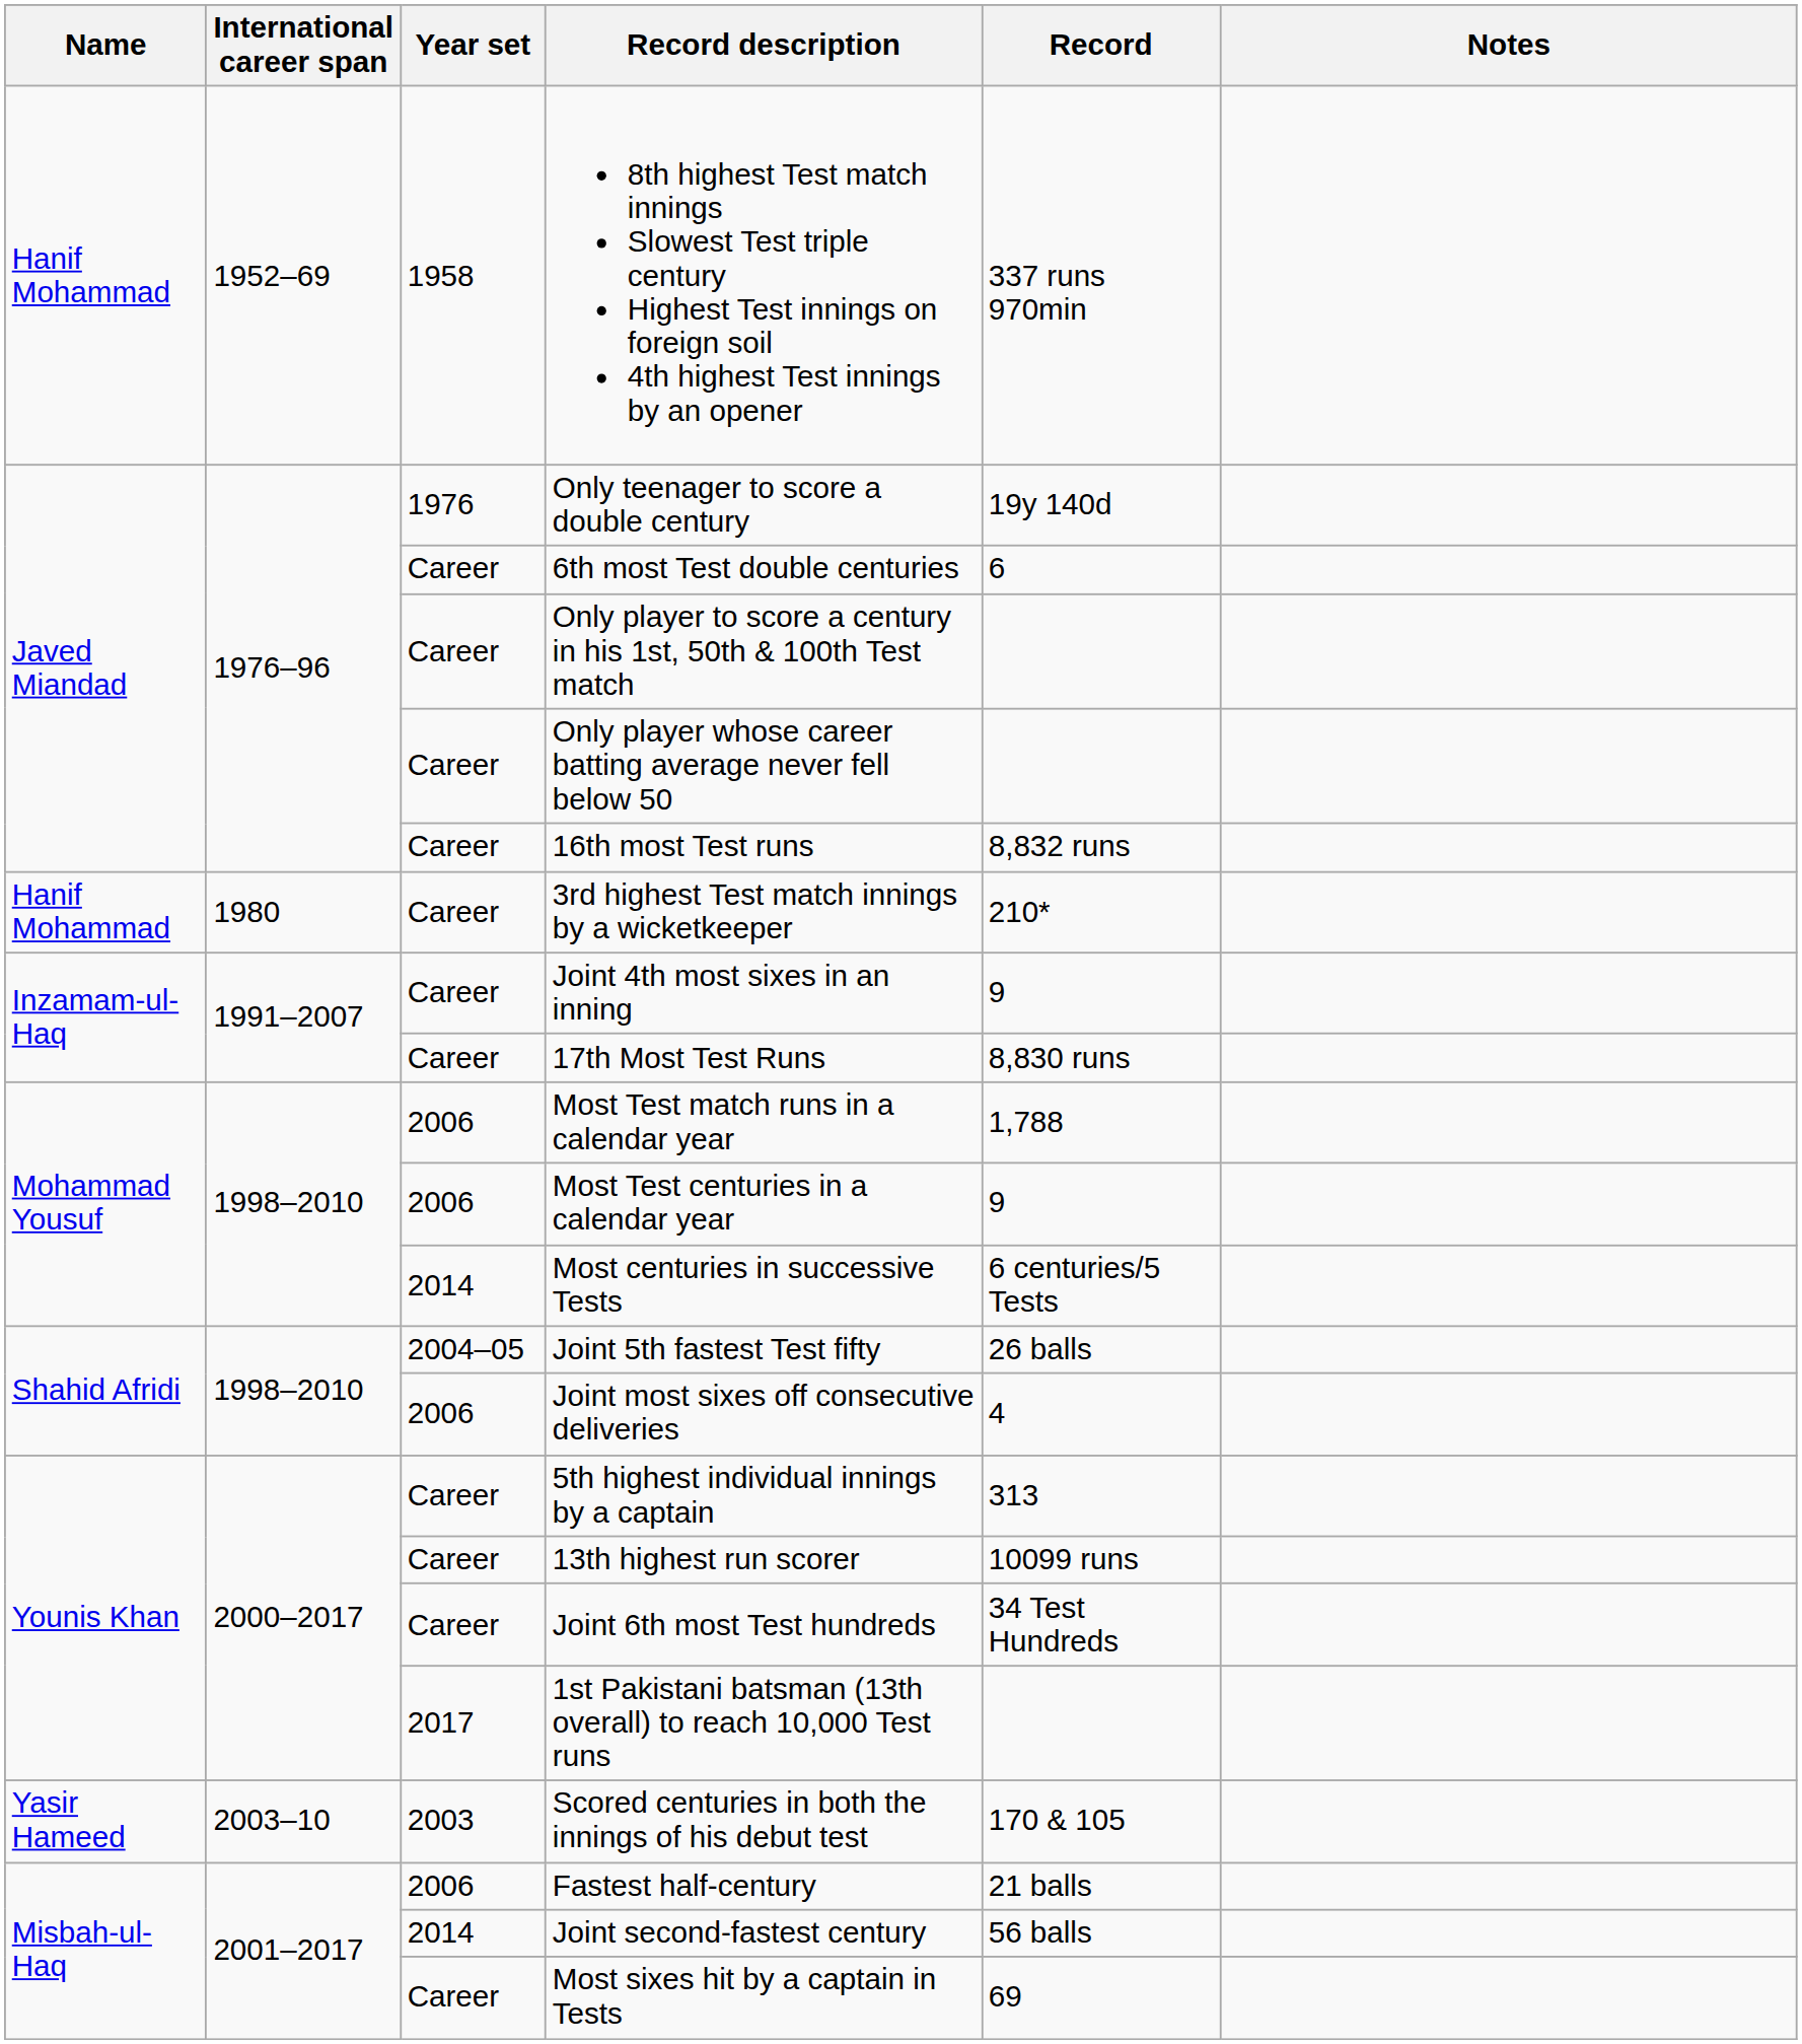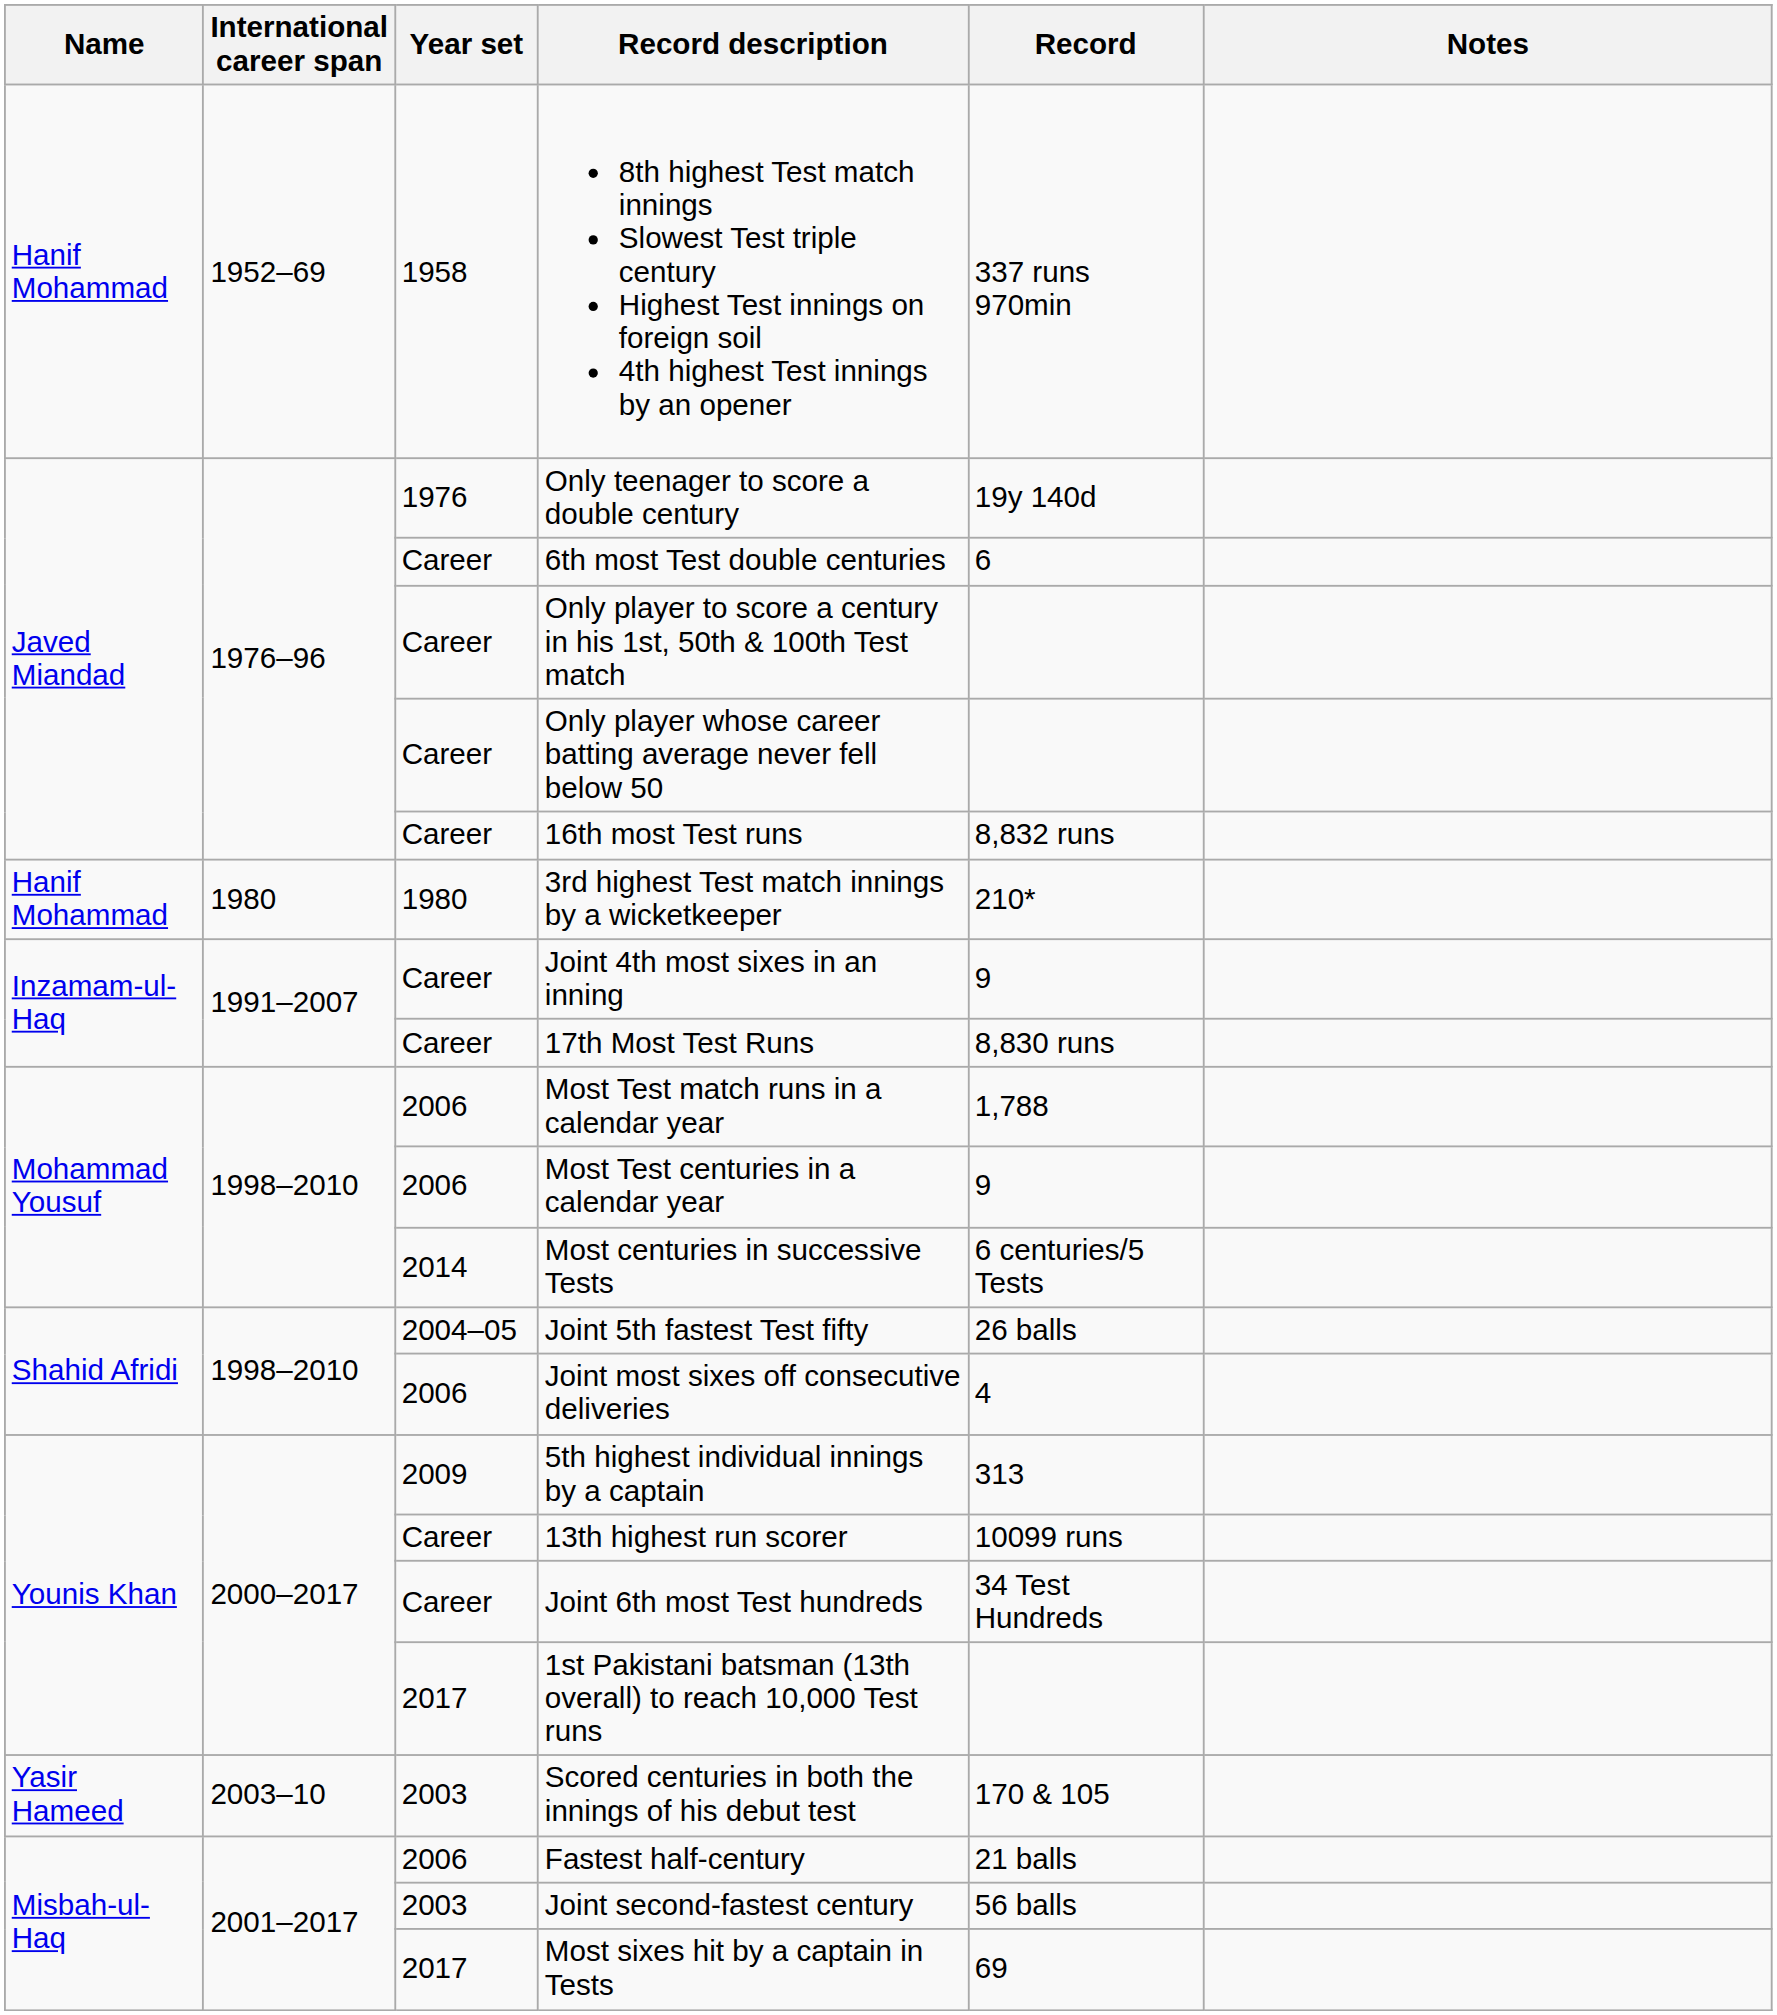 <table class="wikitable ">
 <tr>
 <th scope="col" style="width:100px;">Name</th>
 <th scope="col" style="width:90px;">International career span</th>
 <th scope="col" style="width:70px;">Year set</th>
 <th scope="col" style="width:225px;">Record description</th>
 <th scope="col" style="width:120px;">Record</th>
 <th scope="col" style="width:300px;">Notes</th>
 </tr>
 <tr>
 <td><a href='#'>Hanif Mohammad</a></td>
 <td>1952–69</td>
 <td>1958</td>
 <td><br><ul><li>8th highest Test match innings</li><li>Slowest Test triple century</li><li>Highest Test innings on foreign soil</li><li>4th highest Test innings by an opener</li></ul></td>
 <td><br>337 runs<br> 970min</td>
 <td><br></td>
 </tr>
 <tr>
 <td rowspan="5"><a href='#'>Javed Miandad</a></td>
 <td rowspan="5">1976–96</td>
 <td>1976</td>
 <td>Only teenager to score a double century</td>
 <td>19y 140d</td>
 <td></td>
 </tr>
 <tr>
 <td>Career</td>
 <td>6th most Test double centuries</td>
 <td>6</td>
 <td></td>
 </tr>
 <tr>
 <td>Career</td>
 <td>Only player to score a century in his 1st, 50th & 100th Test match</td>
 <td></td>
 <td></td>
 </tr>
 <tr>
 <td>Career</td>
 <td>Only player whose career batting average never fell below 50</td>
 <td></td>
 <td></td>
 </tr>
 <tr>
 <td>Career</td>
 <td>16th most Test runs</td>
 <td>8,832 runs</td>
 <td></td>
 </tr>
 <tr>
 <td><a href='#'>Hanif Mohammad</a></td>
 <td>1980</td>
-<td>Career</td>
+<td>1980</td>
 <td>3rd highest Test match innings by a wicketkeeper</td>
 <td>210*</td>
 <td></td>
 </tr>
 <tr>
 <td rowspan="2"><a href='#'>Inzamam-ul-Haq</a></td>
 <td rowspan="2">1991–2007</td>
 <td>Career</td>
 <td>Joint 4th most sixes in an inning</td>
 <td>9</td>
 <td></td>
 </tr>
 <tr>
 <td>Career</td>
 <td>17th Most Test Runs</td>
 <td>8,830 runs</td>
 <td></td>
 </tr>
 <tr>
 <td rowspan="3"><a href='#'>Mohammad Yousuf</a></td>
 <td rowspan="3">1998–2010</td>
 <td>2006</td>
 <td>Most Test match runs in a calendar year</td>
 <td>1,788</td>
 <td></td>
 </tr>
 <tr>
 <td>2006</td>
 <td>Most Test centuries in a calendar year</td>
 <td>9</td>
 <td></td>
 </tr>
 <tr>
 <td>2014</td>
 <td>Most centuries in successive Tests</td>
 <td>6 centuries/5 Tests</td>
 <td></td>
 </tr>
 <tr>
 <td rowspan="2"><a href='#'>Shahid Afridi</a></td>
 <td rowspan="2">1998–2010</td>
 <td>2004–05</td>
 <td>Joint 5th fastest Test fifty</td>
 <td>26 balls</td>
 <td></td>
 </tr>
 <tr>
 <td>2006</td>
 <td>Joint most sixes off consecutive deliveries</td>
 <td>4</td>
 <td></td>
 </tr>
 <tr>
 <td rowspan="4"><a href='#'>Younis Khan</a></td>
 <td rowspan="4">2000–2017</td>
-<td>Career</td>
+<td>2009</td>
 <td>5th highest individual innings by a captain</td>
 <td>313</td>
 <td></td>
 </tr>
 <tr>
 <td>Career</td>
 <td>13th highest run scorer</td>
 <td>10099 runs</td>
 <td></td>
 </tr>
 <tr>
 <td>Career</td>
 <td>Joint 6th most Test hundreds</td>
 <td>34 Test Hundreds</td>
 <td></td>
 </tr>
 <tr>
 <td>2017</td>
 <td>1st Pakistani batsman (13th overall) to reach 10,000 Test runs</td>
 <td></td>
 <td></td>
 </tr>
 <tr>
 <td><a href='#'>Yasir Hameed</a></td>
 <td>2003–10</td>
 <td>2003</td>
 <td>Scored centuries in both the innings of his debut test</td>
 <td>170 & 105</td>
 <td></td>
 </tr>
 <tr>
 <td rowspan="3"><a href='#'>Misbah-ul-Haq</a></td>
 <td rowspan="3">2001–2017</td>
 <td>2006</td>
 <td>Fastest half-century</td>
 <td>21 balls</td>
 <td></td>
 </tr>
 <tr>
-<td>2014</td>
+<td>2003</td>
 <td>Joint second-fastest century</td>
 <td>56 balls</td>
 <td></td>
 </tr>
 <tr>
-<td>Career</td>
+<td>2017</td>
 <td>Most sixes hit by a captain in Tests</td>
 <td>69</td>
 <td></td>
 </tr>
 </table>
